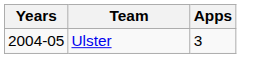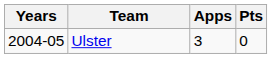 <table class="wikitable" style="text-align:left;">
 <tr>
 <th>Years</th>
 <th width=120px>Team</th>
 <th>Apps</th>
+<th>Pts</th>
 </tr>
 <tr>
 <td>2004-05</td>
 <td><a href='#'>Ulster</a></td>
 <td>3</td>
+<td>0</td>
 </tr>
 </table>
